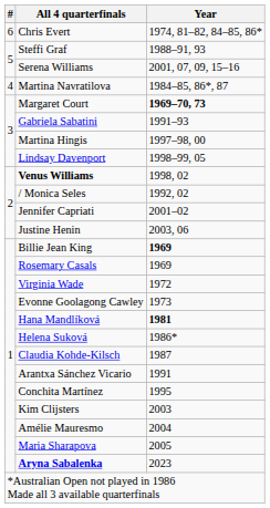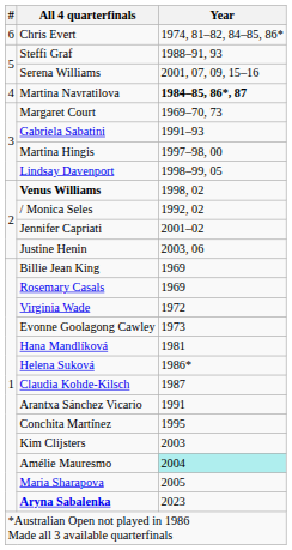 <table class="wikitable" style="display:inline-table;">
 <tr>
 <th>#</th>
 <th>All 4 quarterfinals</th>
 <th>Year</th>
 </tr>
 <tr>
 <td>6</td>
 <td> Chris Evert</td>
 <td>1974, 81–82, 84–85, 86*</td>
 </tr>
 <tr>
 <td rowspan=2>5</td>
 <td> Steffi Graf</td>
 <td>1988–91, 93</td>
 </tr>
 <tr>
 <td> Serena Williams</td>
 <td>2001, 07, 09, 15–16</td>
 </tr>
 <tr>
 <td>4</td>
 <td> Martina Navratilova</td>
-<td>1984–85, 86*, 87</td>
+<td><strong>1984–85, 86*, 87</strong></td>
 </tr>
 <tr>
 <td rowspan=4>3</td>
 <td> Margaret Court</td>
-<td><strong>1969–70, 73</strong></td>
+<td>1969–70, 73</td>
 </tr>
 <tr>
 <td> <a href='#'>Gabriela Sabatini</a></td>
 <td>1991–93</td>
 </tr>
 <tr>
 <td> Martina Hingis</td>
 <td>1997–98, 00</td>
 </tr>
 <tr>
 <td> <a href='#'>Lindsay Davenport</a></td>
 <td>1998–99, 05</td>
 </tr>
 <tr>
 <td rowspan=4>2</td>
 <td> <strong>Venus Williams</strong></td>
 <td>1998, 02</td>
 </tr>
 <tr>
 <td>/ Monica Seles</td>
 <td>1992, 02</td>
 </tr>
 <tr>
 <td> Jennifer Capriati</td>
 <td>2001–02</td>
 </tr>
 <tr>
 <td> Justine Henin</td>
 <td>2003, 06</td>
 </tr>
 <tr>
 <td rowspan=13>1</td>
 <td> Billie Jean King</td>
-<td><strong>1969</strong></td>
+<td>1969</td>
 </tr>
 <tr>
 <td> <a href='#'>Rosemary Casals</a></td>
 <td>1969</td>
 </tr>
 <tr>
 <td> <a href='#'>Virginia Wade</a></td>
 <td>1972</td>
 </tr>
 <tr>
 <td> Evonne Goolagong Cawley</td>
 <td>1973</td>
 </tr>
 <tr>
 <td> <a href='#'>Hana Mandlíková</a></td>
-<td><strong>1981</strong></td>
+<td>1981</td>
 </tr>
 <tr>
 <td> <a href='#'>Helena Suková</a></td>
 <td>1986*</td>
 </tr>
 <tr>
 <td> <a href='#'>Claudia Kohde-Kilsch</a></td>
 <td>1987</td>
 </tr>
 <tr>
 <td> Arantxa Sánchez Vicario</td>
 <td>1991</td>
 </tr>
 <tr>
 <td> Conchita Martínez</td>
 <td>1995</td>
 </tr>
 <tr>
 <td> Kim Clijsters</td>
 <td>2003</td>
 </tr>
 <tr>
 <td> Amélie Mauresmo</td>
-<td>2004</td>
+<td style="background: paleturquoise;">2004</td>
 </tr>
 <tr>
 <td> <a href='#'>Maria Sharapova</a></td>
 <td>2005</td>
 </tr>
 <tr>
 <td> <strong><a href='#'>Aryna Sabalenka</a></strong></td>
 <td>2023</td>
 </tr>
 <tr>
 <td colspan=3>*Australian Open not played in 1986<br>Made all 3 available quarterfinals</td>
 </tr>
 </table>
